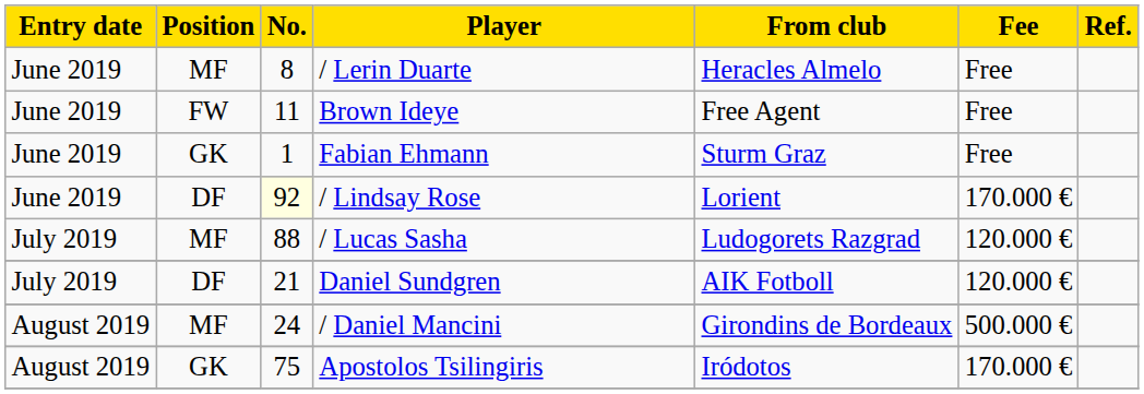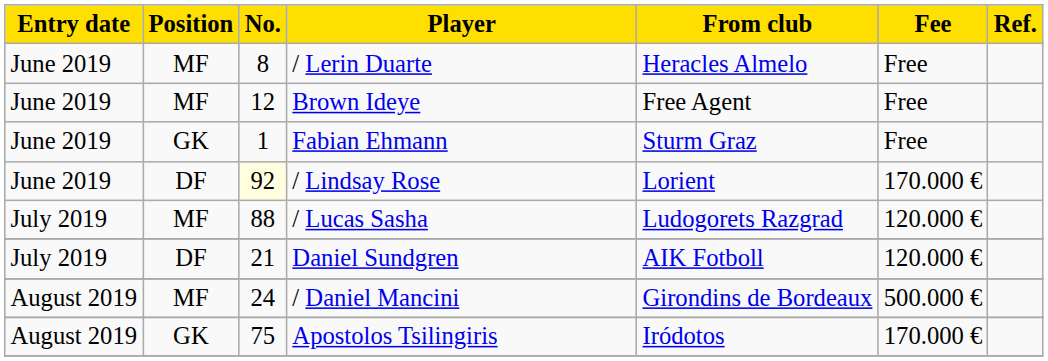 <table class="wikitable sortable">
 <tr>
 <th style="background:#FFDF00; color:black;"><strong>Entry date</strong></th>
 <th style="background:#FFDF00; color:black;"><strong>Position</strong></th>
 <th style="background:#FFDF00; color:black;"><strong>No.</strong></th>
 <th style="background:#FFDF00; color:black;"; width=220><strong>Player</strong></th>
 <th style="background:#FFDF00; color:black;"><strong>From club</strong></th>
 <th style="background:#FFDF00; color:black;"><strong>Fee</strong></th>
 <th style="background:#FFDF00; color:black;"><strong>Ref.</strong></th>
 </tr>
 <tr>
 <td>June 2019</td>
 <td style="text-align:center;">MF</td>
 <td style="text-align:center;">8</td>
 <td style="text-align:left;"> /  <a href='#'>Lerin Duarte</a></td>
 <td style="text-align:left;"> <a href='#'>Heracles Almelo</a></td>
 <td>Free</td>
 <td></td>
 </tr>
 <tr>
 <td>June 2019</td>
-<td style="text-align:center;">FW</td>
-<td style="text-align:center;">11</td>
+<td style="text-align:center;">MF</td>
+<td style="text-align:center;">12</td>
 <td style="text-align:left;"> <a href='#'>Brown Ideye</a></td>
 <td style="text-align:left;">Free Agent</td>
 <td>Free</td>
 <td></td>
 </tr>
 <tr>
 <td>June 2019</td>
 <td style="text-align:center;">GK</td>
 <td style="text-align:center;">1</td>
 <td style="text-align:left;"> <a href='#'>Fabian Ehmann</a></td>
 <td style="text-align:left;"> <a href='#'>Sturm Graz</a></td>
 <td>Free</td>
 <td></td>
 </tr>
 <tr>
 <td>June 2019</td>
 <td style="text-align:center;">DF</td>
 <td style="background: lightyellow; text-align:center;">92</td>
 <td style="text-align:left;"> /  <a href='#'>Lindsay Rose</a></td>
 <td style="text-align:left;"> <a href='#'>Lorient</a></td>
 <td>170.000 €</td>
 <td></td>
 </tr>
 <tr>
 <td>July 2019</td>
 <td style="text-align:center;">MF</td>
 <td style="text-align:center;">88</td>
 <td style="text=align:left;"> /  <a href='#'>Lucas Sasha</a></td>
 <td style="text=align:left;"> <a href='#'>Ludogorets Razgrad</a></td>
 <td>120.000 €</td>
 <td></td>
 </tr>
 <tr>
 </tr>
 <tr>
 <td>July 2019</td>
 <td style="text-align:center;">DF</td>
 <td style="text-align:center;">21</td>
 <td style="text=align:left;"> <a href='#'>Daniel Sundgren</a></td>
 <td style="text=align:left;"> <a href='#'>AIK Fotboll</a></td>
 <td>120.000 €</td>
 <td></td>
 </tr>
 <tr>
 </tr>
 <tr>
 <td>August 2019</td>
 <td style="text-align:center;">MF</td>
 <td style="text-align:center;">24</td>
 <td style="text=align:left;"> /  <a href='#'>Daniel Mancini</a></td>
 <td style="text=align:left;"> <a href='#'>Girondins de Bordeaux</a></td>
 <td>500.000 €</td>
 <td></td>
 </tr>
 <tr>
 </tr>
 <tr>
 <td>August 2019</td>
 <td style="text-align:center;">GK</td>
 <td style="text-align:center;">75</td>
 <td style="text=align:left;"> <a href='#'>Apostolos Tsilingiris</a></td>
 <td style="text=align:left;"> <a href='#'>Iródotos</a></td>
 <td>170.000 €</td>
 <td></td>
 </tr>
 <tr>
 </tr>
 </table>
